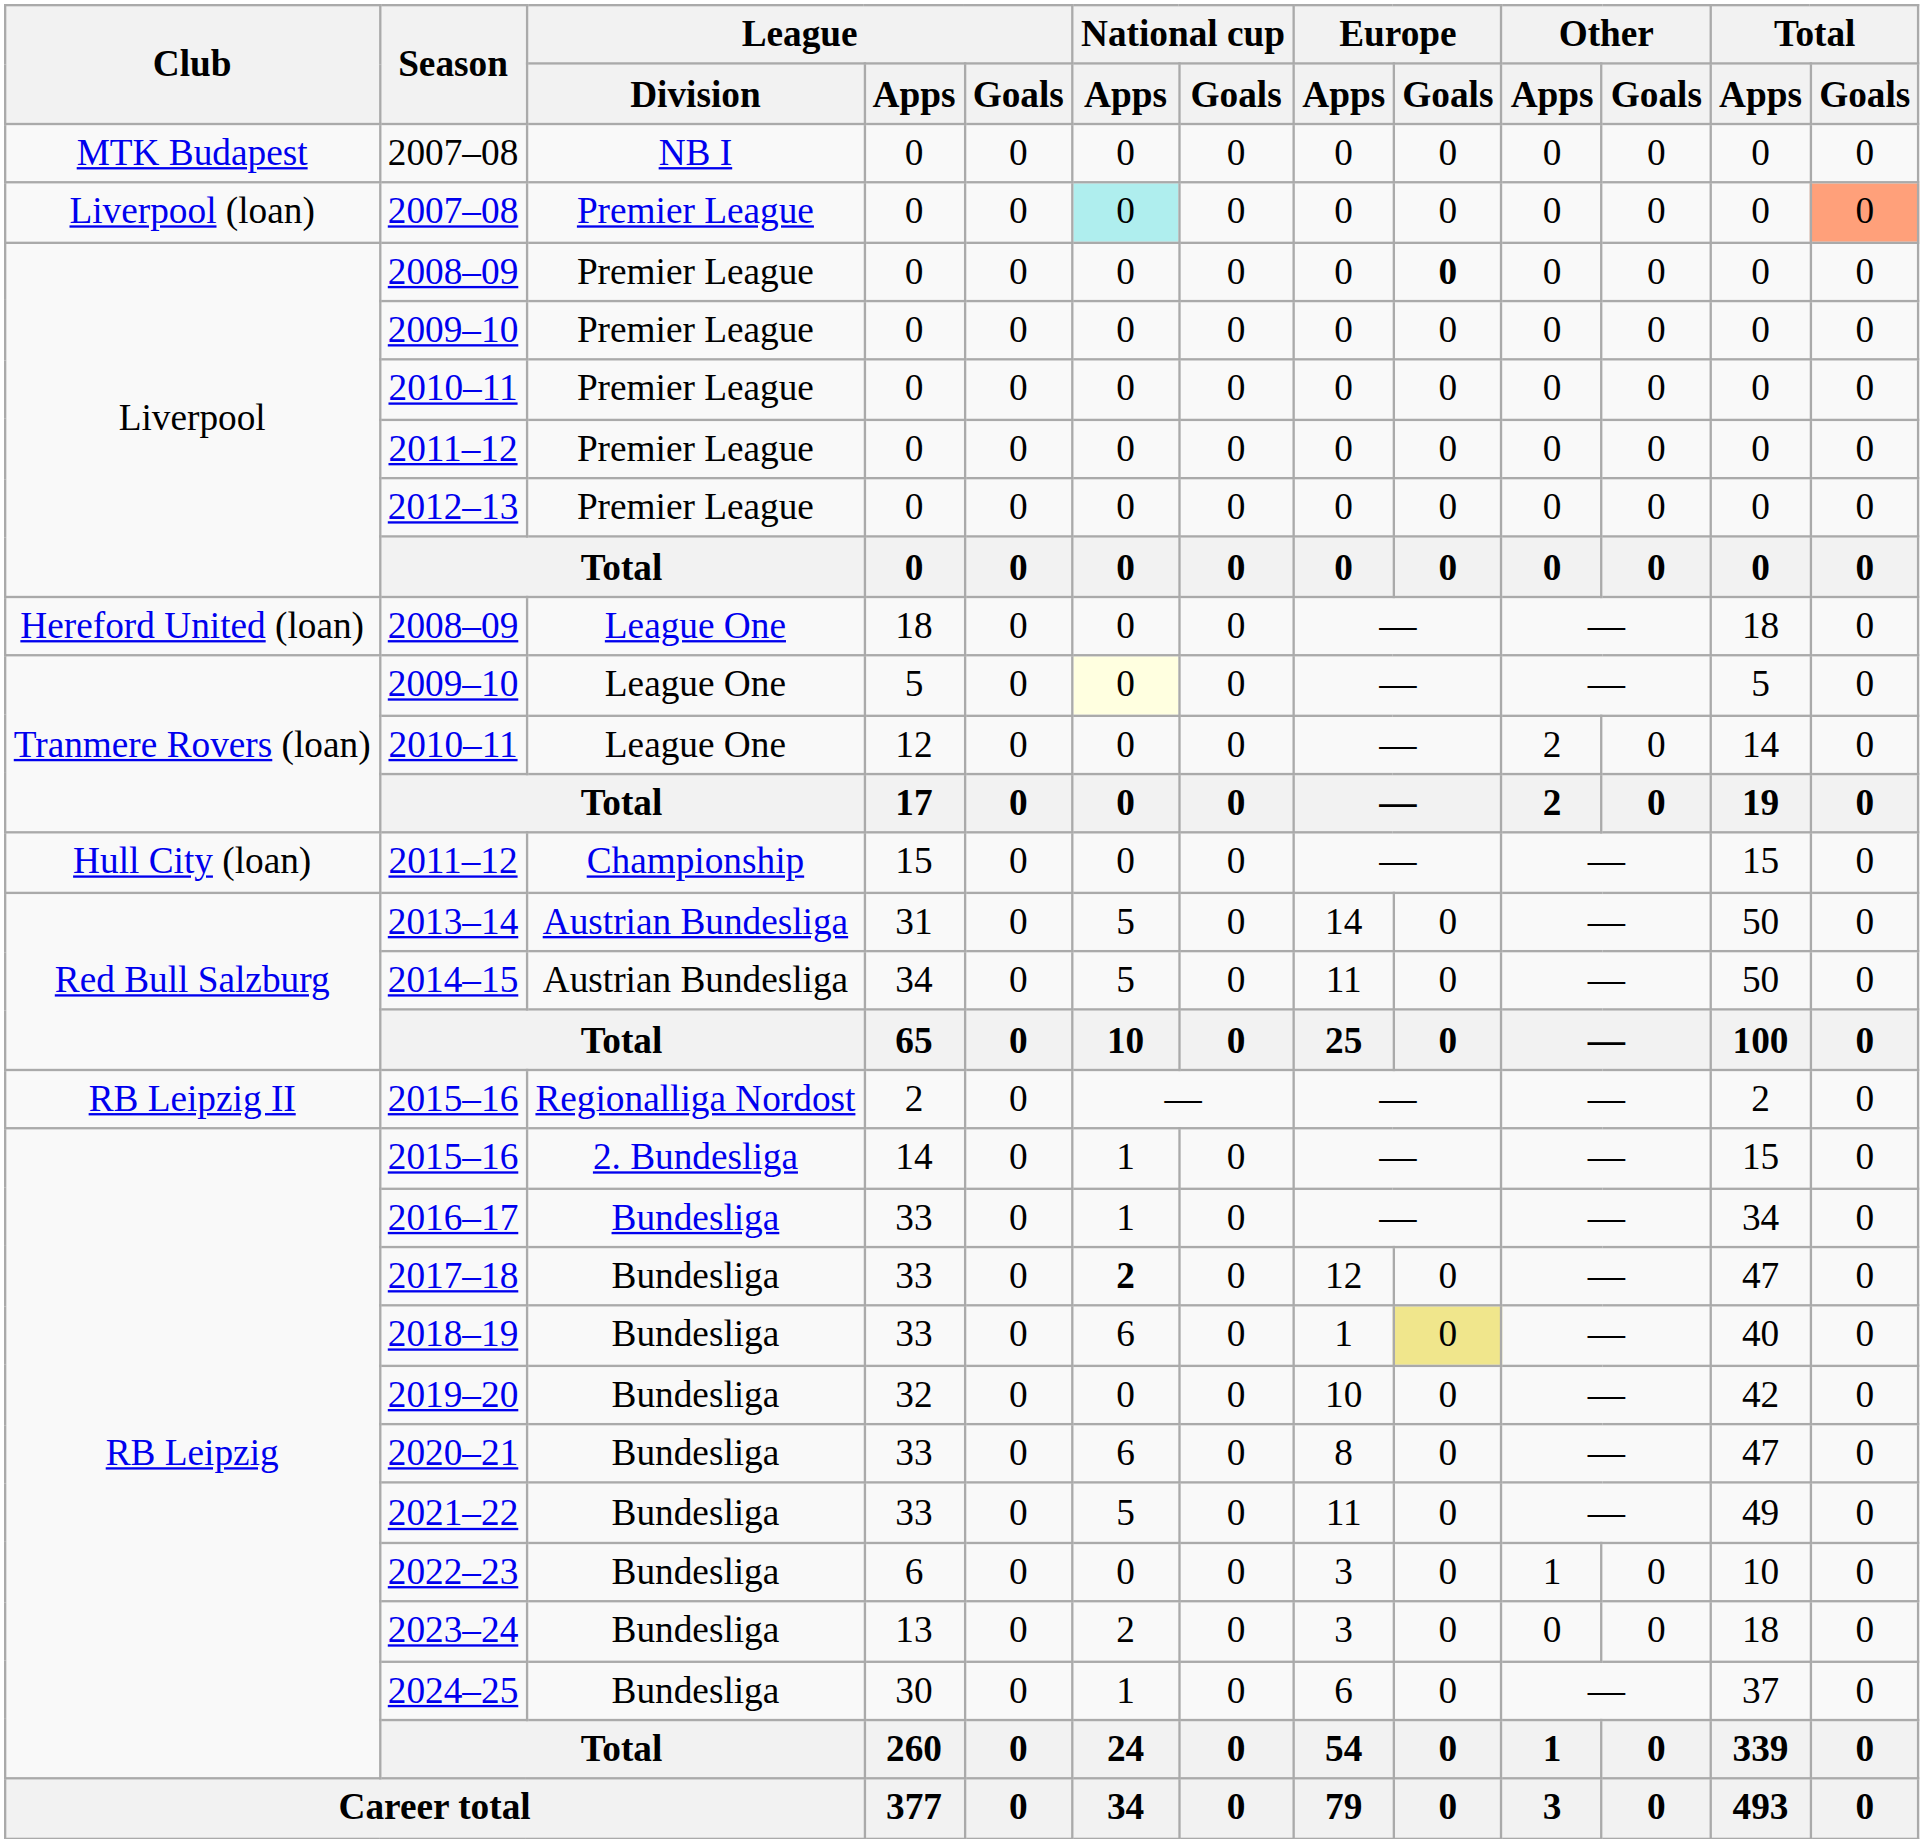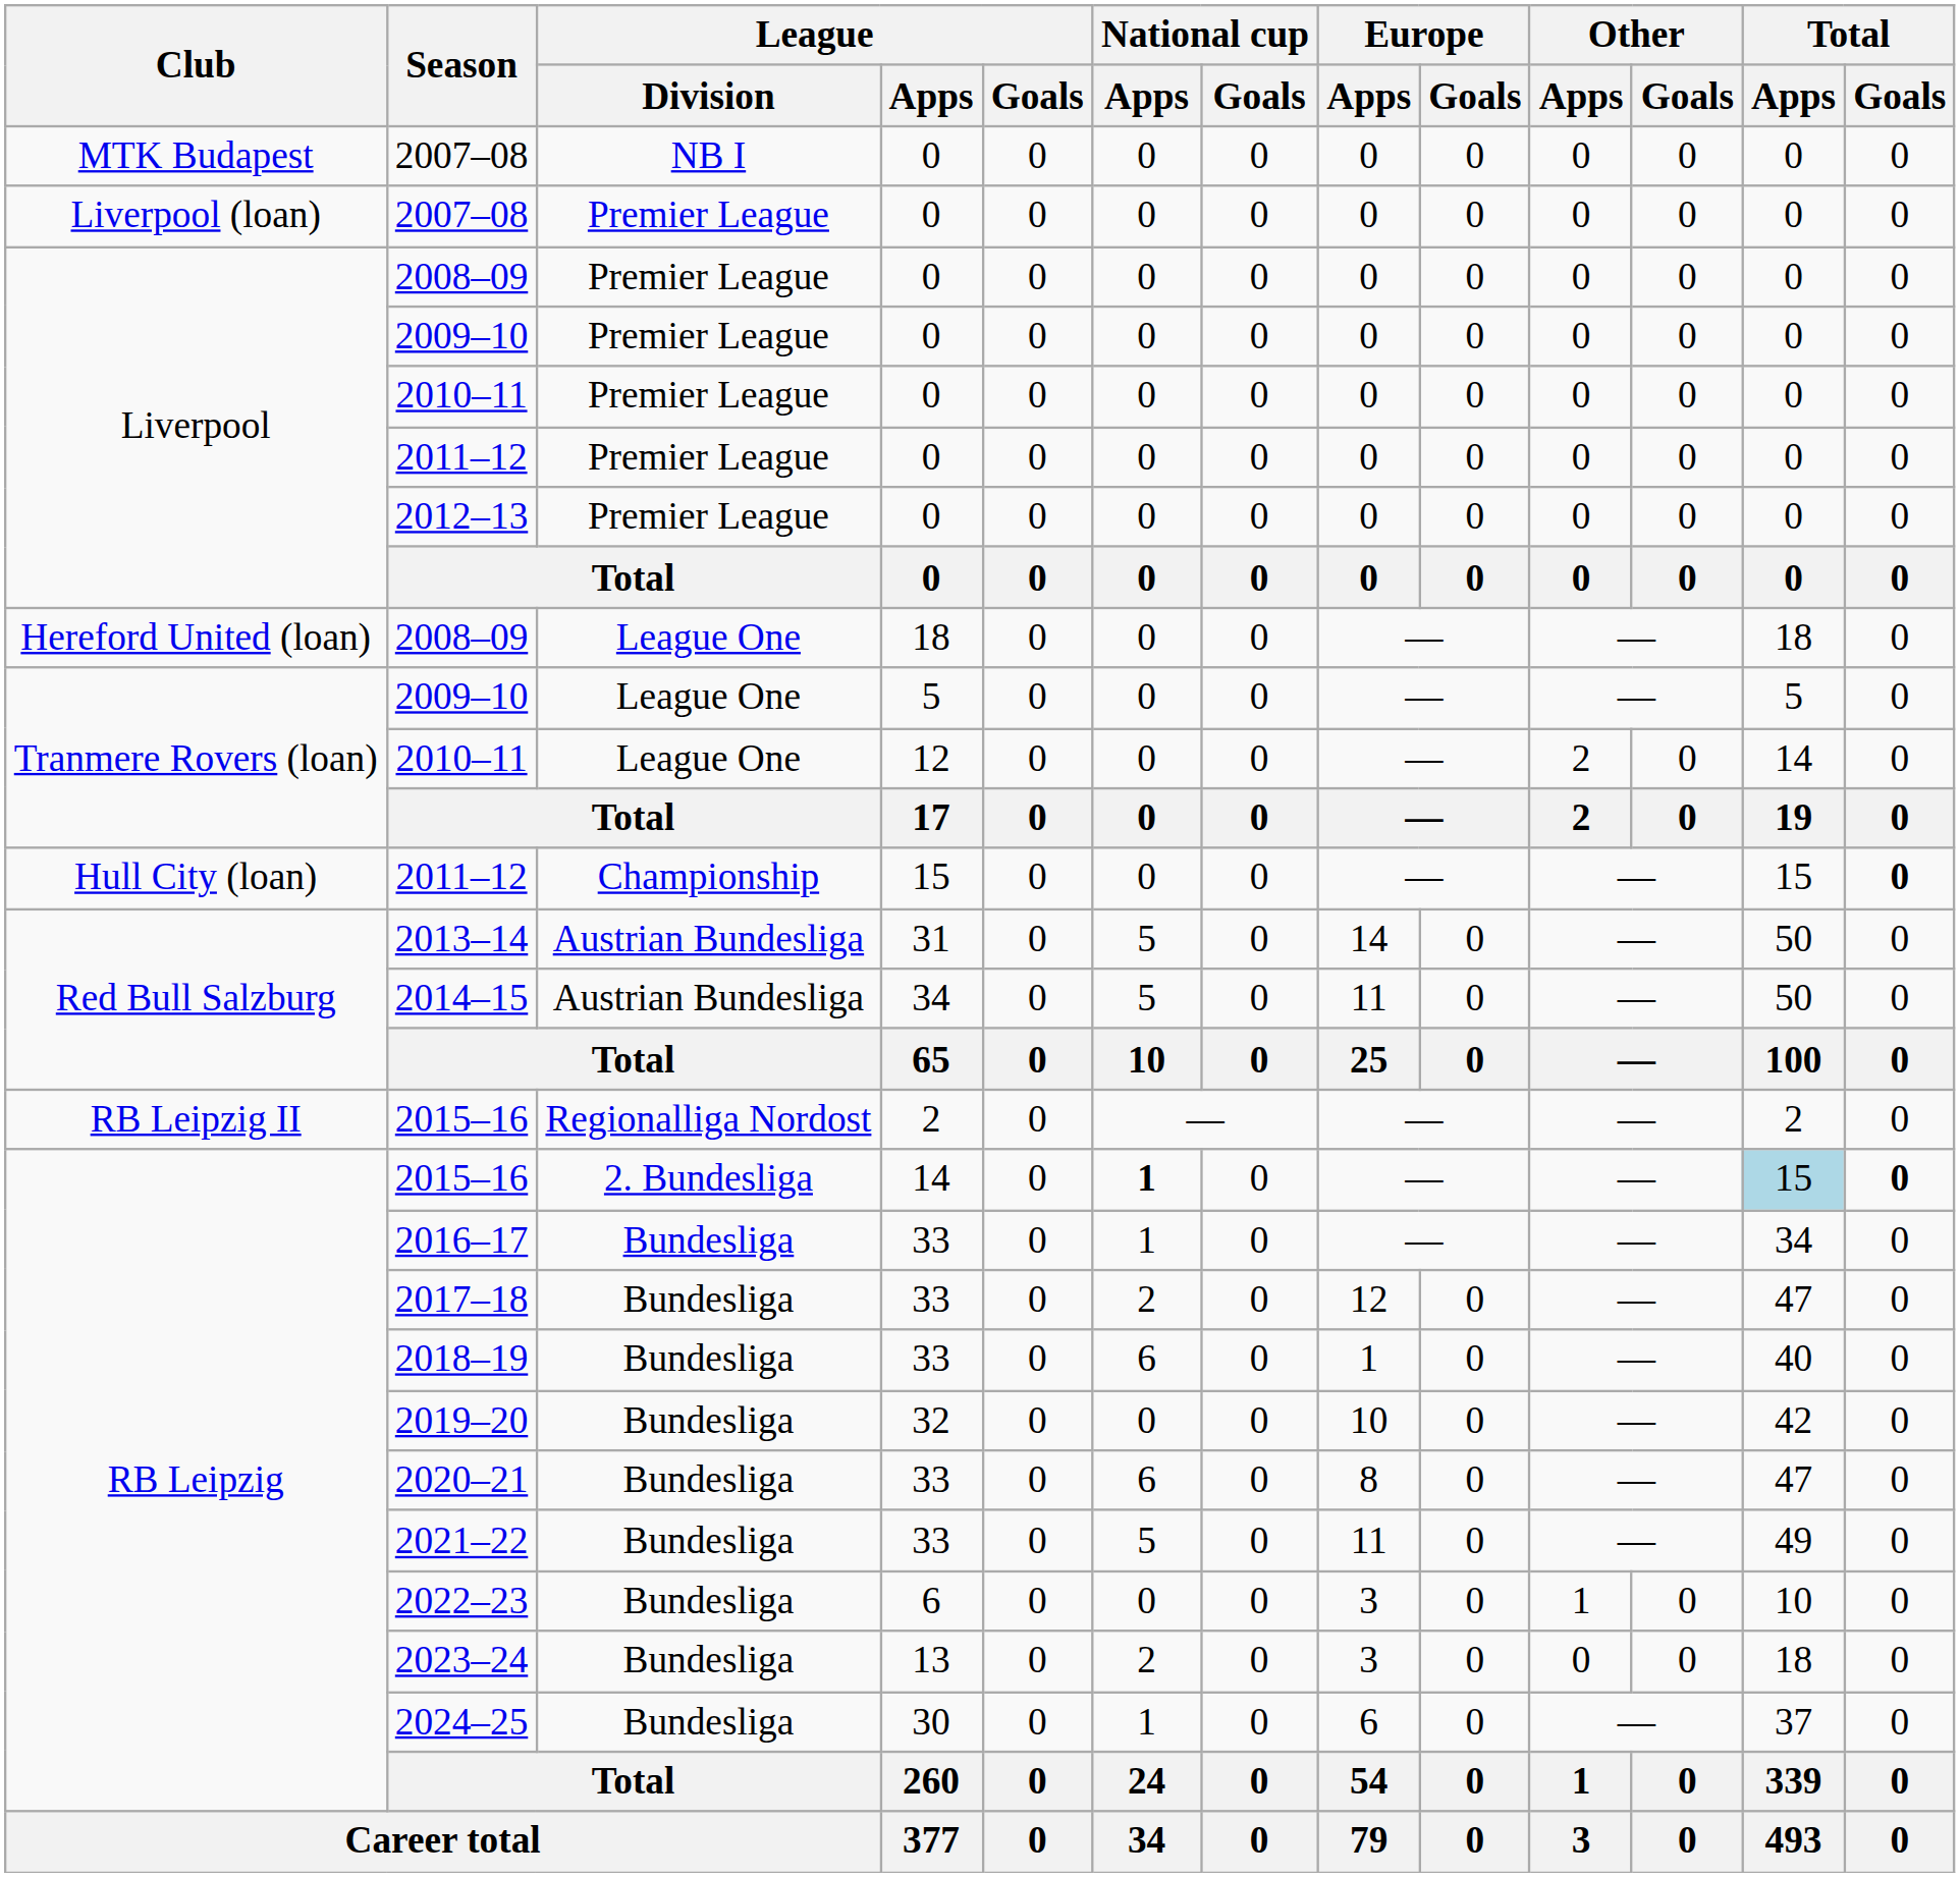 <table class="wikitable" Style="text-align:center">
 <tr>
 <th rowspan="2">Club</th>
 <th rowspan="2">Season</th>
 <th colspan="3">League</th>
 <th colspan="2">National cup</th>
 <th colspan="2">Europe</th>
 <th colspan="2">Other</th>
 <th colspan="2">Total</th>
 </tr>
 <tr>
 <th>Division</th>
 <th>Apps</th>
 <th>Goals</th>
 <th>Apps</th>
 <th>Goals</th>
 <th>Apps</th>
 <th>Goals</th>
 <th>Apps</th>
 <th>Goals</th>
 <th>Apps</th>
 <th>Goals</th>
 </tr>
 <tr>
 <td><a href='#'>MTK Budapest</a></td>
 <td>2007–08</td>
 <td><a href='#'>NB I</a></td>
 <td>0</td>
 <td>0</td>
 <td>0</td>
 <td>0</td>
 <td>0</td>
 <td>0</td>
 <td>0</td>
 <td>0</td>
 <td>0</td>
 <td>0</td>
 </tr>
 <tr>
 <td><a href='#'>Liverpool</a> (loan)</td>
 <td><a href='#'>2007–08</a></td>
 <td><a href='#'>Premier League</a></td>
 <td>0</td>
 <td>0</td>
-<td style="background: paleturquoise;">0</td>
 <td>0</td>
 <td>0</td>
 <td>0</td>
 <td>0</td>
 <td>0</td>
 <td>0</td>
-<td style="background: lightsalmon;">0</td>
+<td>0</td>
+<td>0</td>
 </tr>
 <tr>
 <td rowspan="6">Liverpool</td>
 <td><a href='#'>2008–09</a></td>
 <td>Premier League</td>
 <td>0</td>
 <td>0</td>
 <td>0</td>
 <td>0</td>
 <td>0</td>
-<td><strong>0</strong></td>
+<td>0</td>
 <td>0</td>
 <td>0</td>
 <td>0</td>
 <td>0</td>
 </tr>
 <tr>
 <td><a href='#'>2009–10</a></td>
 <td>Premier League</td>
 <td>0</td>
 <td>0</td>
 <td>0</td>
 <td>0</td>
 <td>0</td>
 <td>0</td>
 <td>0</td>
 <td>0</td>
 <td>0</td>
 <td>0</td>
 </tr>
 <tr>
 <td><a href='#'>2010–11</a></td>
 <td>Premier League</td>
 <td>0</td>
 <td>0</td>
 <td>0</td>
 <td>0</td>
 <td>0</td>
 <td>0</td>
 <td>0</td>
 <td>0</td>
 <td>0</td>
 <td>0</td>
 </tr>
 <tr>
 <td><a href='#'>2011–12</a></td>
 <td>Premier League</td>
 <td>0</td>
 <td>0</td>
 <td>0</td>
 <td>0</td>
 <td>0</td>
 <td>0</td>
 <td>0</td>
 <td>0</td>
 <td>0</td>
 <td>0</td>
 </tr>
 <tr>
 <td><a href='#'>2012–13</a></td>
 <td>Premier League</td>
 <td>0</td>
 <td>0</td>
 <td>0</td>
 <td>0</td>
 <td>0</td>
 <td>0</td>
 <td>0</td>
 <td>0</td>
 <td>0</td>
 <td>0</td>
 </tr>
 <tr>
 <th colspan="2">Total</th>
 <th>0</th>
 <th>0</th>
 <th>0</th>
 <th>0</th>
 <th>0</th>
 <th>0</th>
 <th>0</th>
 <th>0</th>
 <th>0</th>
 <th>0</th>
 </tr>
 <tr>
 <td><a href='#'>Hereford United</a> (loan)</td>
 <td><a href='#'>2008–09</a></td>
 <td><a href='#'>League One</a></td>
 <td>18</td>
 <td>0</td>
 <td>0</td>
 <td>0</td>
 <td colspan="2">—</td>
 <td colspan="2">—</td>
 <td>18</td>
 <td>0</td>
 </tr>
 <tr>
 <td rowspan="3"><a href='#'>Tranmere Rovers</a> (loan)</td>
 <td><a href='#'>2009–10</a></td>
 <td>League One</td>
 <td>5</td>
 <td>0</td>
-<td style="background: lightyellow;">0</td>
+<td>0</td>
 <td>0</td>
 <td colspan="2">—</td>
 <td colspan="2">—</td>
 <td>5</td>
 <td>0</td>
 </tr>
 <tr>
 <td><a href='#'>2010–11</a></td>
 <td>League One</td>
 <td>12</td>
 <td>0</td>
 <td>0</td>
 <td>0</td>
 <td colspan="2">—</td>
 <td>2</td>
 <td>0</td>
 <td>14</td>
 <td>0</td>
 </tr>
 <tr>
 <th colspan="2">Total</th>
 <th>17</th>
 <th>0</th>
 <th>0</th>
 <th>0</th>
 <th colspan="2">—</th>
 <th>2</th>
 <th>0</th>
 <th>19</th>
 <th>0</th>
 </tr>
 <tr>
 <td><a href='#'>Hull City</a> (loan)</td>
 <td><a href='#'>2011–12</a></td>
 <td><a href='#'>Championship</a></td>
 <td>15</td>
 <td>0</td>
 <td>0</td>
 <td>0</td>
 <td colspan="2">—</td>
 <td colspan="2">—</td>
 <td>15</td>
-<td>0</td>
+<td><strong>0</strong></td>
 </tr>
 <tr>
 <td rowspan="3"><a href='#'>Red Bull Salzburg</a></td>
 <td><a href='#'>2013–14</a></td>
 <td><a href='#'>Austrian Bundesliga</a></td>
 <td>31</td>
 <td>0</td>
 <td>5</td>
 <td>0</td>
 <td>14</td>
 <td>0</td>
 <td colspan="2">—</td>
 <td>50</td>
 <td>0</td>
 </tr>
 <tr>
 <td><a href='#'>2014–15</a></td>
 <td>Austrian Bundesliga</td>
 <td>34</td>
 <td>0</td>
 <td>5</td>
 <td>0</td>
 <td>11</td>
 <td>0</td>
 <td colspan="2">—</td>
 <td>50</td>
 <td>0</td>
 </tr>
 <tr>
 <th colspan="2">Total</th>
 <th>65</th>
 <th>0</th>
 <th>10</th>
 <th>0</th>
 <th>25</th>
 <th>0</th>
 <th colspan="2">—</th>
 <th>100</th>
 <th>0</th>
 </tr>
 <tr>
 <td><a href='#'>RB Leipzig II</a></td>
 <td><a href='#'>2015–16</a></td>
 <td><a href='#'>Regionalliga Nordost</a></td>
 <td>2</td>
 <td>0</td>
 <td colspan="2">—</td>
 <td colspan="2">—</td>
 <td colspan="2">—</td>
 <td>2</td>
 <td>0</td>
 </tr>
 <tr>
 <td rowspan="11"><a href='#'>RB Leipzig</a></td>
 <td><a href='#'>2015–16</a></td>
 <td><a href='#'>2. Bundesliga</a></td>
 <td>14</td>
 <td>0</td>
-<td>1</td>
+<td><strong>1</strong></td>
 <td>0</td>
 <td colspan="2">—</td>
 <td colspan="2">—</td>
-<td>15</td>
-<td>0</td>
+<td style="background: lightblue;">15</td>
+<td><strong>0</strong></td>
 </tr>
 <tr>
 <td><a href='#'>2016–17</a></td>
 <td><a href='#'>Bundesliga</a></td>
 <td>33</td>
 <td>0</td>
 <td>1</td>
 <td>0</td>
 <td colspan="2">—</td>
 <td colspan="2">—</td>
 <td>34</td>
 <td>0</td>
 </tr>
 <tr>
 <td><a href='#'>2017–18</a></td>
 <td>Bundesliga</td>
 <td>33</td>
 <td>0</td>
-<td><strong>2</strong></td>
+<td>2</td>
 <td>0</td>
 <td>12</td>
 <td>0</td>
 <td colspan="2">—</td>
 <td>47</td>
 <td>0</td>
 </tr>
 <tr>
 <td><a href='#'>2018–19</a></td>
 <td>Bundesliga</td>
 <td>33</td>
 <td>0</td>
 <td>6</td>
 <td>0</td>
 <td>1</td>
-<td style="background: khaki;">0</td>
+<td>0</td>
 <td colspan="2">—</td>
 <td>40</td>
 <td>0</td>
 </tr>
 <tr>
 <td><a href='#'>2019–20</a></td>
 <td>Bundesliga</td>
 <td>32</td>
 <td>0</td>
 <td>0</td>
 <td>0</td>
 <td>10</td>
 <td>0</td>
 <td colspan="2">—</td>
 <td>42</td>
 <td>0</td>
 </tr>
 <tr>
 <td><a href='#'>2020–21</a></td>
 <td>Bundesliga</td>
 <td>33</td>
 <td>0</td>
 <td>6</td>
 <td>0</td>
 <td>8</td>
 <td>0</td>
 <td colspan="2">—</td>
 <td>47</td>
 <td>0</td>
 </tr>
 <tr>
 <td><a href='#'>2021–22</a></td>
 <td>Bundesliga</td>
 <td>33</td>
 <td>0</td>
 <td>5</td>
 <td>0</td>
 <td>11</td>
 <td>0</td>
 <td colspan="2">—</td>
 <td>49</td>
 <td>0</td>
 </tr>
 <tr>
 <td><a href='#'>2022–23</a></td>
 <td>Bundesliga</td>
 <td>6</td>
 <td>0</td>
 <td>0</td>
 <td>0</td>
 <td>3</td>
 <td>0</td>
 <td>1</td>
 <td>0</td>
 <td>10</td>
 <td>0</td>
 </tr>
 <tr>
 <td><a href='#'>2023–24</a></td>
 <td>Bundesliga</td>
 <td>13</td>
 <td>0</td>
 <td>2</td>
 <td>0</td>
 <td>3</td>
 <td>0</td>
 <td>0</td>
 <td>0</td>
 <td>18</td>
 <td>0</td>
 </tr>
 <tr>
 <td><a href='#'>2024–25</a></td>
 <td>Bundesliga</td>
 <td>30</td>
 <td>0</td>
 <td>1</td>
 <td>0</td>
 <td>6</td>
 <td>0</td>
 <td colspan="2">—</td>
 <td>37</td>
 <td>0</td>
 </tr>
 <tr>
 <th colspan="2">Total</th>
 <th>260</th>
 <th>0</th>
 <th>24</th>
 <th>0</th>
 <th>54</th>
 <th>0</th>
 <th>1</th>
 <th>0</th>
 <th>339</th>
 <th>0</th>
 </tr>
 <tr>
 <th colspan="3">Career total</th>
 <th>377</th>
 <th>0</th>
 <th>34</th>
 <th>0</th>
 <th>79</th>
 <th>0</th>
 <th>3</th>
 <th>0</th>
 <th>493</th>
 <th>0</th>
 </tr>
 </table>
